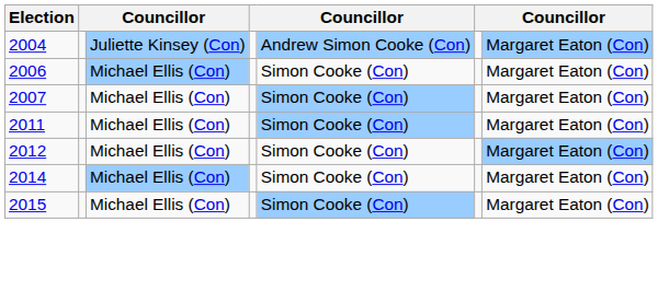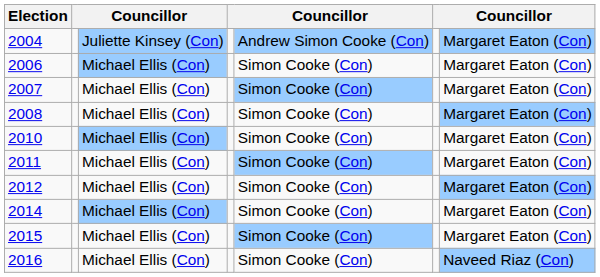 <table class="wikitable">
 <tr>
 <th>Election</th>
 <th colspan="2">Councillor</th>
 <th colspan="2">Councillor</th>
 <th colspan="2">Councillor</th>
 </tr>
 <tr>
 <td><a href='#'>2004</a></td>
 <td style="background-color: "></td>
 <td bgcolor="#99CCFF">Juliette Kinsey (<a href='#'>Con</a>)</td>
 <td style="background-color: "></td>
 <td bgcolor="#99CCFF">Andrew Simon Cooke (<a href='#'>Con</a>)</td>
 <td style="background-color: "></td>
 <td bgcolor="#99CCFF">Margaret Eaton (<a href='#'>Con</a>)</td>
 </tr>
 <tr>
 <td><a href='#'>2006</a></td>
 <td style="background-color: "></td>
 <td bgcolor="#99CCFF">Michael Ellis (<a href='#'>Con</a>)</td>
 <td style="background-color: "></td>
 <td>Simon Cooke (<a href='#'>Con</a>)</td>
 <td style="background-color: "></td>
 <td>Margaret Eaton (<a href='#'>Con</a>)</td>
 </tr>
 <tr>
 <td><a href='#'>2007</a></td>
 <td style="background-color: "></td>
 <td>Michael Ellis (<a href='#'>Con</a>)</td>
 <td style="background-color: "></td>
 <td bgcolor="#99CCFF">Simon Cooke (<a href='#'>Con</a>)</td>
+<td style="background-color: "></td>
+<td>Margaret Eaton (<a href='#'>Con</a>)</td>
+</tr>
+<tr>
+<td><a href='#'>2008</a></td>
+<td style="background-color: "></td>
+<td>Michael Ellis (<a href='#'>Con</a>)</td>
+<td style="background-color: "></td>
+<td>Simon Cooke (<a href='#'>Con</a>)</td>
+<td style="background-color: "></td>
+<td bgcolor="#99CCFF">Margaret Eaton (<a href='#'>Con</a>)</td>
+</tr>
+<tr>
+<td><a href='#'>2010</a></td>
+<td style="background-color: "></td>
+<td bgcolor="#99CCFF">Michael Ellis (<a href='#'>Con</a>)</td>
+<td style="background-color: "></td>
+<td>Simon Cooke (<a href='#'>Con</a>)</td>
 <td style="background-color: "></td>
 <td>Margaret Eaton (<a href='#'>Con</a>)</td>
 </tr>
 <tr>
 <td><a href='#'>2011</a></td>
 <td style="background-color: "></td>
 <td>Michael Ellis (<a href='#'>Con</a>)</td>
 <td style="background-color: "></td>
 <td bgcolor="#99CCFF">Simon Cooke (<a href='#'>Con</a>)</td>
 <td style="background-color: "></td>
 <td>Margaret Eaton (<a href='#'>Con</a>)</td>
 </tr>
 <tr>
 <td><a href='#'>2012</a></td>
 <td style="background-color: "></td>
 <td>Michael Ellis (<a href='#'>Con</a>)</td>
 <td style="background-color: "></td>
 <td>Simon Cooke (<a href='#'>Con</a>)</td>
 <td style="background-color: "></td>
 <td bgcolor="#99CCFF">Margaret Eaton (<a href='#'>Con</a>)</td>
 </tr>
 <tr>
 <td><a href='#'>2014</a></td>
 <td style="background-color: "></td>
 <td bgcolor="#99CCFF">Michael Ellis (<a href='#'>Con</a>)</td>
 <td style="background-color: "></td>
 <td>Simon Cooke (<a href='#'>Con</a>)</td>
 <td style="background-color: "></td>
 <td>Margaret Eaton (<a href='#'>Con</a>)</td>
 </tr>
 <tr>
 <td><a href='#'>2015</a></td>
 <td style="background-color: "></td>
 <td>Michael Ellis (<a href='#'>Con</a>)</td>
 <td style="background-color: "></td>
 <td bgcolor="#99CCFF">Simon Cooke (<a href='#'>Con</a>)</td>
 <td style="background-color: "></td>
 <td>Margaret Eaton (<a href='#'>Con</a>)</td>
 </tr>
+<tr>
+<td><a href='#'>2016</a></td>
+<td style="background-color: "></td>
+<td>Michael Ellis (<a href='#'>Con</a>)</td>
+<td style="background-color: "></td>
+<td>Simon Cooke (<a href='#'>Con</a>)</td>
+<td style="background-color: "></td>
+<td bgcolor="#99CCFF">Naveed Riaz (<a href='#'>Con</a>)</td>
+</tr>
 </table>
